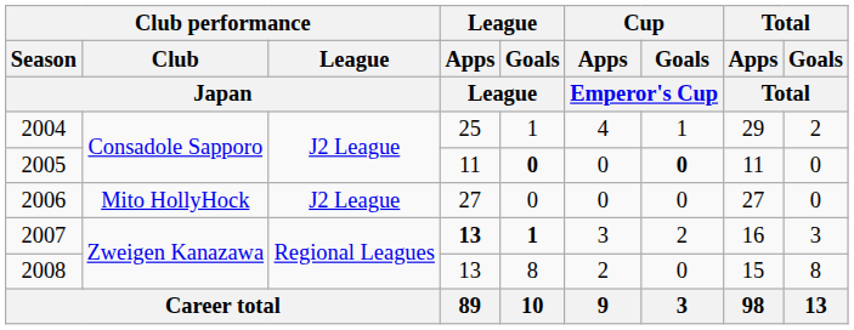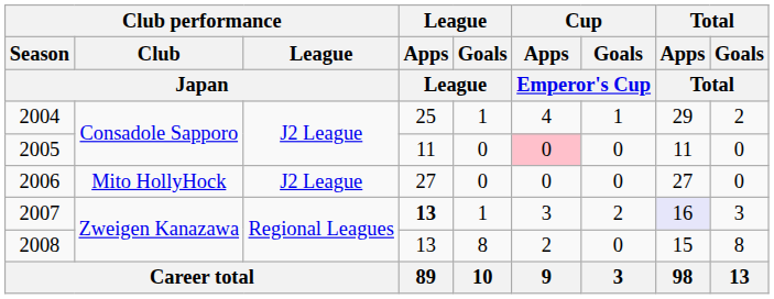 <table class="wikitable" style="text-align:center">
 <tr>
 <th colspan=3>Club performance</th>
 <th colspan=2>League</th>
 <th colspan=2>Cup</th>
 <th colspan=2>Total</th>
 </tr>
 <tr>
 <th>Season</th>
 <th>Club</th>
 <th>League</th>
 <th>Apps</th>
 <th>Goals</th>
 <th>Apps</th>
 <th>Goals</th>
 <th>Apps</th>
 <th>Goals</th>
 </tr>
 <tr>
 <th colspan=3>Japan</th>
 <th colspan=2>League</th>
 <th colspan=2><a href='#'>Emperor's Cup</a></th>
 <th colspan=2>Total</th>
 </tr>
 <tr>
 <td>2004</td>
 <td rowspan="2"><a href='#'>Consadole Sapporo</a></td>
 <td rowspan="2"><a href='#'>J2 League</a></td>
 <td>25</td>
 <td>1</td>
 <td>4</td>
 <td>1</td>
 <td>29</td>
 <td>2</td>
 </tr>
 <tr>
 <td>2005</td>
 <td>11</td>
-<td><strong>0</strong></td>
 <td>0</td>
-<td><strong>0</strong></td>
+<td style="background: pink;">0</td>
+<td>0</td>
 <td>11</td>
 <td>0</td>
 </tr>
 <tr>
 <td>2006</td>
 <td><a href='#'>Mito HollyHock</a></td>
 <td><a href='#'>J2 League</a></td>
 <td>27</td>
 <td>0</td>
 <td>0</td>
 <td>0</td>
 <td>27</td>
 <td>0</td>
 </tr>
 <tr>
 <td>2007</td>
 <td rowspan="2"><a href='#'>Zweigen Kanazawa</a></td>
 <td rowspan="2"><a href='#'>Regional Leagues</a></td>
 <td><strong>13</strong></td>
-<td><strong>1</strong></td>
+<td>1</td>
 <td>3</td>
 <td>2</td>
-<td>16</td>
+<td style="background: lavender;">16</td>
 <td>3</td>
 </tr>
 <tr>
 <td>2008</td>
 <td>13</td>
 <td>8</td>
 <td>2</td>
 <td>0</td>
 <td>15</td>
 <td>8</td>
 </tr>
 <tr>
 <th colspan=3>Career total</th>
 <th>89</th>
 <th>10</th>
 <th>9</th>
 <th>3</th>
 <th>98</th>
 <th>13</th>
 </tr>
 </table>
